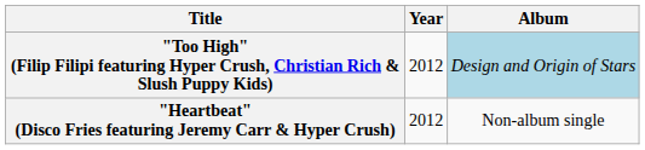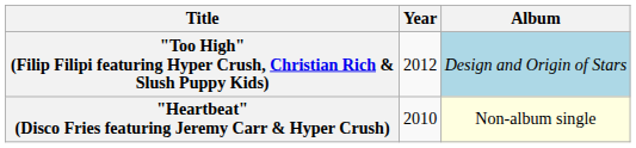 <table class="wikitable plainrowheaders" style="text-align:center;">
 <tr>
 <th scope="col" style="width:23em;">Title</th>
 <th scope="col">Year</th>
 <th scope="col">Album</th>
 </tr>
 <tr>
 <th scope="row">"Too High"<br><span>(Filip Filipi featuring Hyper Crush, <a href='#'>Christian Rich</a> & Slush Puppy Kids)</span></th>
 <td>2012</td>
 <td style="background: lightblue;"><em>Design and Origin of Stars</em></td>
 </tr>
 <tr>
 <th scope="row">"Heartbeat"<br><span>(Disco Fries featuring Jeremy Carr & Hyper Crush)</span></th>
-<td>2012</td>
-<td>Non-album single</td>
+<td>2010</td>
+<td style="background: lightyellow;">Non-album single</td>
 </tr>
 </table>
